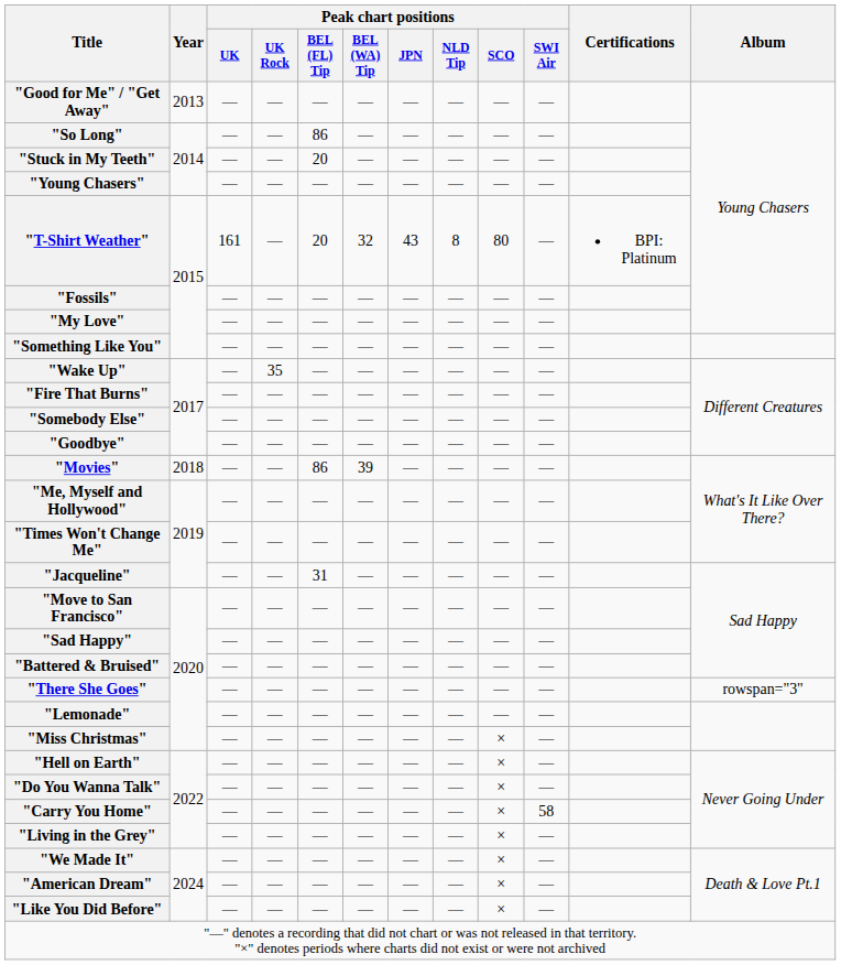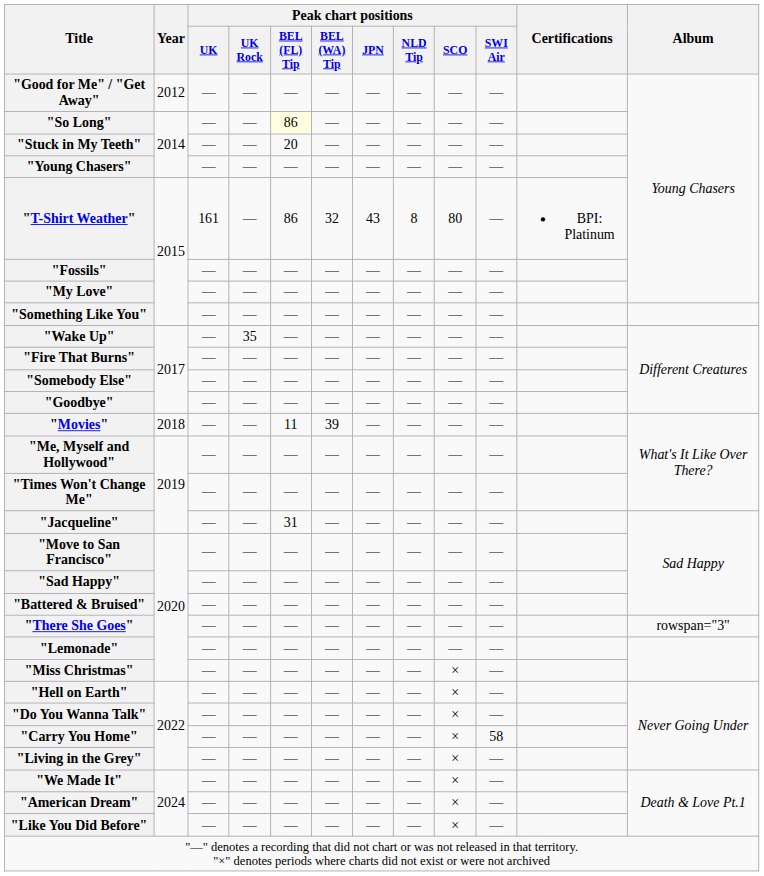 <table class="wikitable plainrowheaders" style="text-align:center;">
 <tr>
 <th scope="col" rowspan="2">Title</th>
 <th scope="col" rowspan="2">Year</th>
 <th scope="col" colspan="8">Peak chart positions</th>
 <th scope="col" rowspan="2">Certifications</th>
 <th scope="col" rowspan="2">Album</th>
 </tr>
 <tr>
 <th scope="col" style="width:3em;font-size:85%;"><a href='#'>UK</a><br></th>
 <th scope="col" style="width:3em;font-size:85%;"><a href='#'>UK<br>Rock</a><br></th>
 <th scope="col" style="width:3em;font-size:85%;"><a href='#'>BEL (FL)<br>Tip</a><br></th>
 <th scope="col" style="width:3em;font-size:85%;"><a href='#'>BEL (WA)<br>Tip</a><br></th>
 <th scope="col" style="width:3em;font-size:85%;"><a href='#'>JPN</a><br></th>
 <th scope="col" style="width:3em;font-size:85%;"><a href='#'>NLD<br>Tip</a><br></th>
 <th scope="col" style="width:3em;font-size:85%;"><a href='#'>SCO</a><br></th>
 <th scope="col" style="width:3em;font-size:85%;"><a href='#'>SWI<br>Air</a><br></th>
 </tr>
 <tr>
 <th scope="row">"Good for Me" / "Get Away"</th>
-<td>2013</td>
+<td>2012</td>
 <td>—</td>
 <td>—</td>
 <td>—</td>
 <td>—</td>
 <td>—</td>
 <td>—</td>
 <td>—</td>
 <td>—</td>
 <td></td>
 <td rowspan="7"><em>Young Chasers</em></td>
 </tr>
 <tr>
 <th scope="row">"So Long"</th>
 <td rowspan="3">2014</td>
 <td>—</td>
 <td>—</td>
-<td>86</td>
+<td style="background: lightyellow;">86</td>
 <td>—</td>
 <td>—</td>
 <td>—</td>
 <td>—</td>
 <td>—</td>
 <td></td>
 </tr>
 <tr>
 <th scope="row">"Stuck in My Teeth"</th>
 <td>—</td>
 <td>—</td>
 <td>20</td>
 <td>—</td>
 <td>—</td>
 <td>—</td>
 <td>—</td>
 <td>—</td>
 <td></td>
 </tr>
 <tr>
 <th scope="row">"Young Chasers"</th>
 <td>—</td>
 <td>—</td>
 <td>—</td>
 <td>—</td>
 <td>—</td>
 <td>—</td>
 <td>—</td>
 <td>—</td>
 <td></td>
 </tr>
 <tr>
 <th scope="row">"<a href='#'>T-Shirt Weather</a>"</th>
 <td rowspan="4">2015</td>
 <td>161</td>
 <td>—</td>
-<td>20</td>
+<td>86</td>
 <td>32</td>
 <td>43</td>
 <td>8</td>
 <td>80</td>
 <td>—</td>
 <td><br><ul><li>BPI: Platinum</li></ul></td>
 </tr>
 <tr>
 <th scope="row">"Fossils"</th>
 <td>—</td>
 <td>—</td>
 <td>—</td>
 <td>—</td>
 <td>—</td>
 <td>—</td>
 <td>—</td>
 <td>—</td>
 <td></td>
 </tr>
 <tr>
 <th scope="row">"My Love"</th>
 <td>—</td>
 <td>—</td>
 <td>—</td>
 <td>—</td>
 <td>—</td>
 <td>—</td>
 <td>—</td>
 <td>—</td>
 <td></td>
 </tr>
 <tr>
 <th scope="row">"Something Like You"</th>
 <td>—</td>
 <td>—</td>
 <td>—</td>
 <td>—</td>
 <td>—</td>
 <td>—</td>
 <td>—</td>
 <td>—</td>
 <td></td>
 <td></td>
 </tr>
 <tr>
 <th scope="row">"Wake Up"</th>
 <td rowspan="4">2017</td>
 <td>—</td>
 <td>35</td>
 <td>—</td>
 <td>—</td>
 <td>—</td>
 <td>—</td>
 <td>—</td>
 <td>—</td>
 <td></td>
 <td rowspan="4"><em>Different Creatures</em></td>
 </tr>
 <tr>
 <th scope="row">"Fire That Burns"</th>
 <td>—</td>
 <td>—</td>
 <td>—</td>
 <td>—</td>
 <td>—</td>
 <td>—</td>
 <td>—</td>
 <td>—</td>
 <td></td>
 </tr>
 <tr>
 <th scope="row">"Somebody Else"</th>
 <td>—</td>
 <td>—</td>
 <td>—</td>
 <td>—</td>
 <td>—</td>
 <td>—</td>
 <td>—</td>
 <td>—</td>
 <td></td>
 </tr>
 <tr>
 <th scope="row">"Goodbye"</th>
 <td>—</td>
 <td>—</td>
 <td>—</td>
 <td>—</td>
 <td>—</td>
 <td>—</td>
 <td>—</td>
 <td>—</td>
 <td></td>
 </tr>
 <tr>
 <th scope="row">"<a href='#'>Movies</a>"</th>
 <td>2018</td>
 <td>—</td>
 <td>—</td>
-<td>86</td>
+<td>11</td>
 <td>39</td>
 <td>—</td>
 <td>—</td>
 <td>—</td>
 <td>—</td>
 <td></td>
 <td rowspan="3"><em>What's It Like Over There?</em></td>
 </tr>
 <tr>
 <th scope="row">"Me, Myself and Hollywood"</th>
 <td rowspan="3">2019</td>
 <td>—</td>
 <td>—</td>
 <td>—</td>
 <td>—</td>
 <td>—</td>
 <td>—</td>
 <td>—</td>
 <td>—</td>
 <td></td>
 </tr>
 <tr>
 <th scope="row">"Times Won't Change Me"</th>
 <td>—</td>
 <td>—</td>
 <td>—</td>
 <td>—</td>
 <td>—</td>
 <td>—</td>
 <td>—</td>
 <td>—</td>
 <td></td>
 </tr>
 <tr>
 <th scope="row">"Jacqueline"</th>
 <td>—</td>
 <td>—</td>
 <td>31</td>
 <td>—</td>
 <td>—</td>
 <td>—</td>
 <td>—</td>
 <td>—</td>
 <td></td>
 <td rowspan="4"><em>Sad Happy</em></td>
 </tr>
 <tr>
 <th scope="row">"Move to San Francisco"</th>
 <td rowspan="6">2020</td>
 <td>—</td>
 <td>—</td>
 <td>—</td>
 <td>—</td>
 <td>—</td>
 <td>—</td>
 <td>—</td>
 <td>—</td>
 <td></td>
 </tr>
 <tr>
 <th scope="row">"Sad Happy"</th>
 <td>—</td>
 <td>—</td>
 <td>—</td>
 <td>—</td>
 <td>—</td>
 <td>—</td>
 <td>—</td>
 <td>—</td>
 <td></td>
 </tr>
 <tr>
 <th scope="row">"Battered & Bruised"</th>
 <td>—</td>
 <td>—</td>
 <td>—</td>
 <td>—</td>
 <td>—</td>
 <td>—</td>
 <td>—</td>
 <td>—</td>
 <td></td>
 </tr>
 <tr>
 <th scope="row">"<a href='#'>There She Goes</a>"<br></th>
 <td>—</td>
 <td>—</td>
 <td>—</td>
 <td>—</td>
 <td>—</td>
 <td>—</td>
 <td>—</td>
 <td>—</td>
 <td></td>
 <td>rowspan="3" </td>
 </tr>
 <tr>
 <th scope="row">"Lemonade"<br></th>
 <td>—</td>
 <td>—</td>
 <td>—</td>
 <td>—</td>
 <td>—</td>
 <td>—</td>
 <td>—</td>
 <td>—</td>
 <td></td>
 </tr>
 <tr>
 <th scope="row">"Miss Christmas"</th>
 <td>—</td>
 <td>—</td>
 <td>—</td>
 <td>—</td>
 <td>—</td>
 <td>—</td>
 <td>×</td>
 <td>—</td>
 <td></td>
 </tr>
 <tr>
 <th scope="row">"Hell on Earth"</th>
 <td rowspan="4">2022</td>
 <td>—</td>
 <td>—</td>
 <td>—</td>
 <td>—</td>
 <td>—</td>
 <td>—</td>
 <td>×</td>
 <td>—</td>
 <td></td>
 <td rowspan="4"><em>Never Going Under</em></td>
 </tr>
 <tr>
 <th scope="row">"Do You Wanna Talk"</th>
 <td>—</td>
 <td>—</td>
 <td>—</td>
 <td>—</td>
 <td>—</td>
 <td>—</td>
 <td>×</td>
 <td>—</td>
 <td></td>
 </tr>
 <tr>
 <th scope="row">"Carry You Home"</th>
 <td>—</td>
 <td>—</td>
 <td>—</td>
 <td>—</td>
 <td>—</td>
 <td>—</td>
 <td>×</td>
 <td>58</td>
 <td></td>
 </tr>
 <tr>
 <th scope="row">"Living in the Grey"</th>
 <td>—</td>
 <td>—</td>
 <td>—</td>
 <td>—</td>
 <td>—</td>
 <td>—</td>
 <td>×</td>
 <td>—</td>
 <td></td>
 </tr>
 <tr>
 <th scope="row">"We Made It"</th>
 <td rowspan="3">2024</td>
 <td>—</td>
 <td>—</td>
 <td>—</td>
 <td>—</td>
 <td>—</td>
 <td>—</td>
 <td>×</td>
 <td>—</td>
 <td></td>
 <td rowspan="3"><em>Death & Love Pt.1</em></td>
 </tr>
 <tr>
 <th scope="row">"American Dream"</th>
 <td>—</td>
 <td>—</td>
 <td>—</td>
 <td>—</td>
 <td>—</td>
 <td>—</td>
 <td>×</td>
 <td>—</td>
 <td></td>
 </tr>
 <tr>
 <th scope="row">"Like You Did Before"</th>
 <td>—</td>
 <td>—</td>
 <td>—</td>
 <td>—</td>
 <td>—</td>
 <td>—</td>
 <td>×</td>
 <td>—</td>
 <td></td>
 </tr>
 <tr>
 <td colspan="12" style="font-size:90%">"—" denotes a recording that did not chart or was not released in that territory.<br>"×" denotes periods where charts did not exist or were not archived</td>
 </tr>
 </table>
